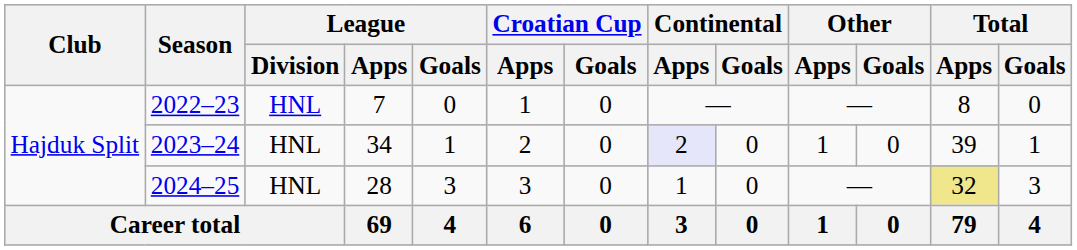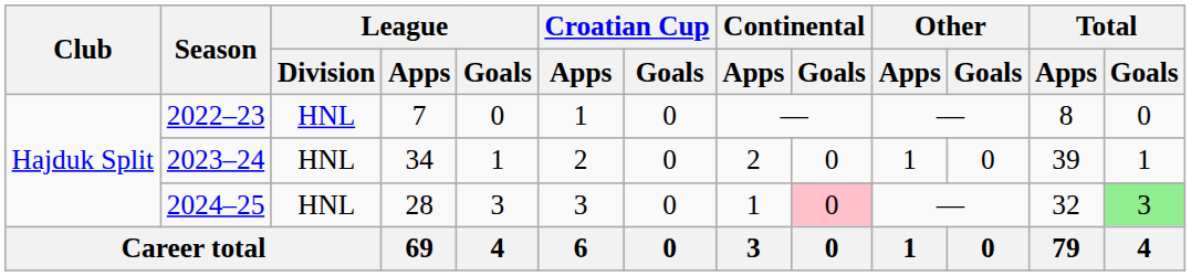 <table class="wikitable" style="text-align:center">
 <tr>
 <th rowspan="2">Club</th>
 <th rowspan="2">Season</th>
 <th colspan="3">League</th>
 <th colspan="2"><a href='#'>Croatian Cup</a></th>
 <th colspan="2">Continental</th>
 <th colspan="2">Other</th>
 <th colspan="2">Total</th>
 </tr>
 <tr>
 <th>Division</th>
 <th>Apps</th>
 <th>Goals</th>
 <th>Apps</th>
 <th>Goals</th>
 <th>Apps</th>
 <th>Goals</th>
 <th>Apps</th>
 <th>Goals</th>
 <th>Apps</th>
 <th>Goals</th>
 </tr>
 <tr>
 <td rowspan="3"><a href='#'>Hajduk Split</a></td>
 <td><a href='#'>2022–23</a></td>
 <td><a href='#'>HNL</a></td>
 <td>7</td>
 <td>0</td>
 <td>1</td>
 <td>0</td>
 <td colspan="2">—</td>
 <td colspan="2">—</td>
 <td>8</td>
 <td>0</td>
 </tr>
 <tr>
 <td><a href='#'>2023–24</a></td>
 <td>HNL</td>
 <td>34</td>
 <td>1</td>
 <td>2</td>
 <td>0</td>
-<td style="background: lavender;">2</td>
+<td>2</td>
 <td>0</td>
 <td>1</td>
 <td>0</td>
 <td>39</td>
 <td>1</td>
 </tr>
 <tr>
 <td><a href='#'>2024–25</a></td>
 <td>HNL</td>
 <td>28</td>
 <td>3</td>
 <td>3</td>
 <td>0</td>
 <td>1</td>
-<td>0</td>
+<td style="background: pink;">0</td>
 <td colspan="2">—</td>
-<td style="background: khaki;">32</td>
-<td>3</td>
+<td>32</td>
+<td style="background: lightgreen;">3</td>
 </tr>
 <tr>
 <th colspan="3">Career total</th>
 <th>69</th>
 <th>4</th>
 <th>6</th>
 <th>0</th>
 <th>3</th>
 <th>0</th>
 <th>1</th>
 <th>0</th>
 <th>79</th>
 <th>4</th>
 </tr>
 </table>
